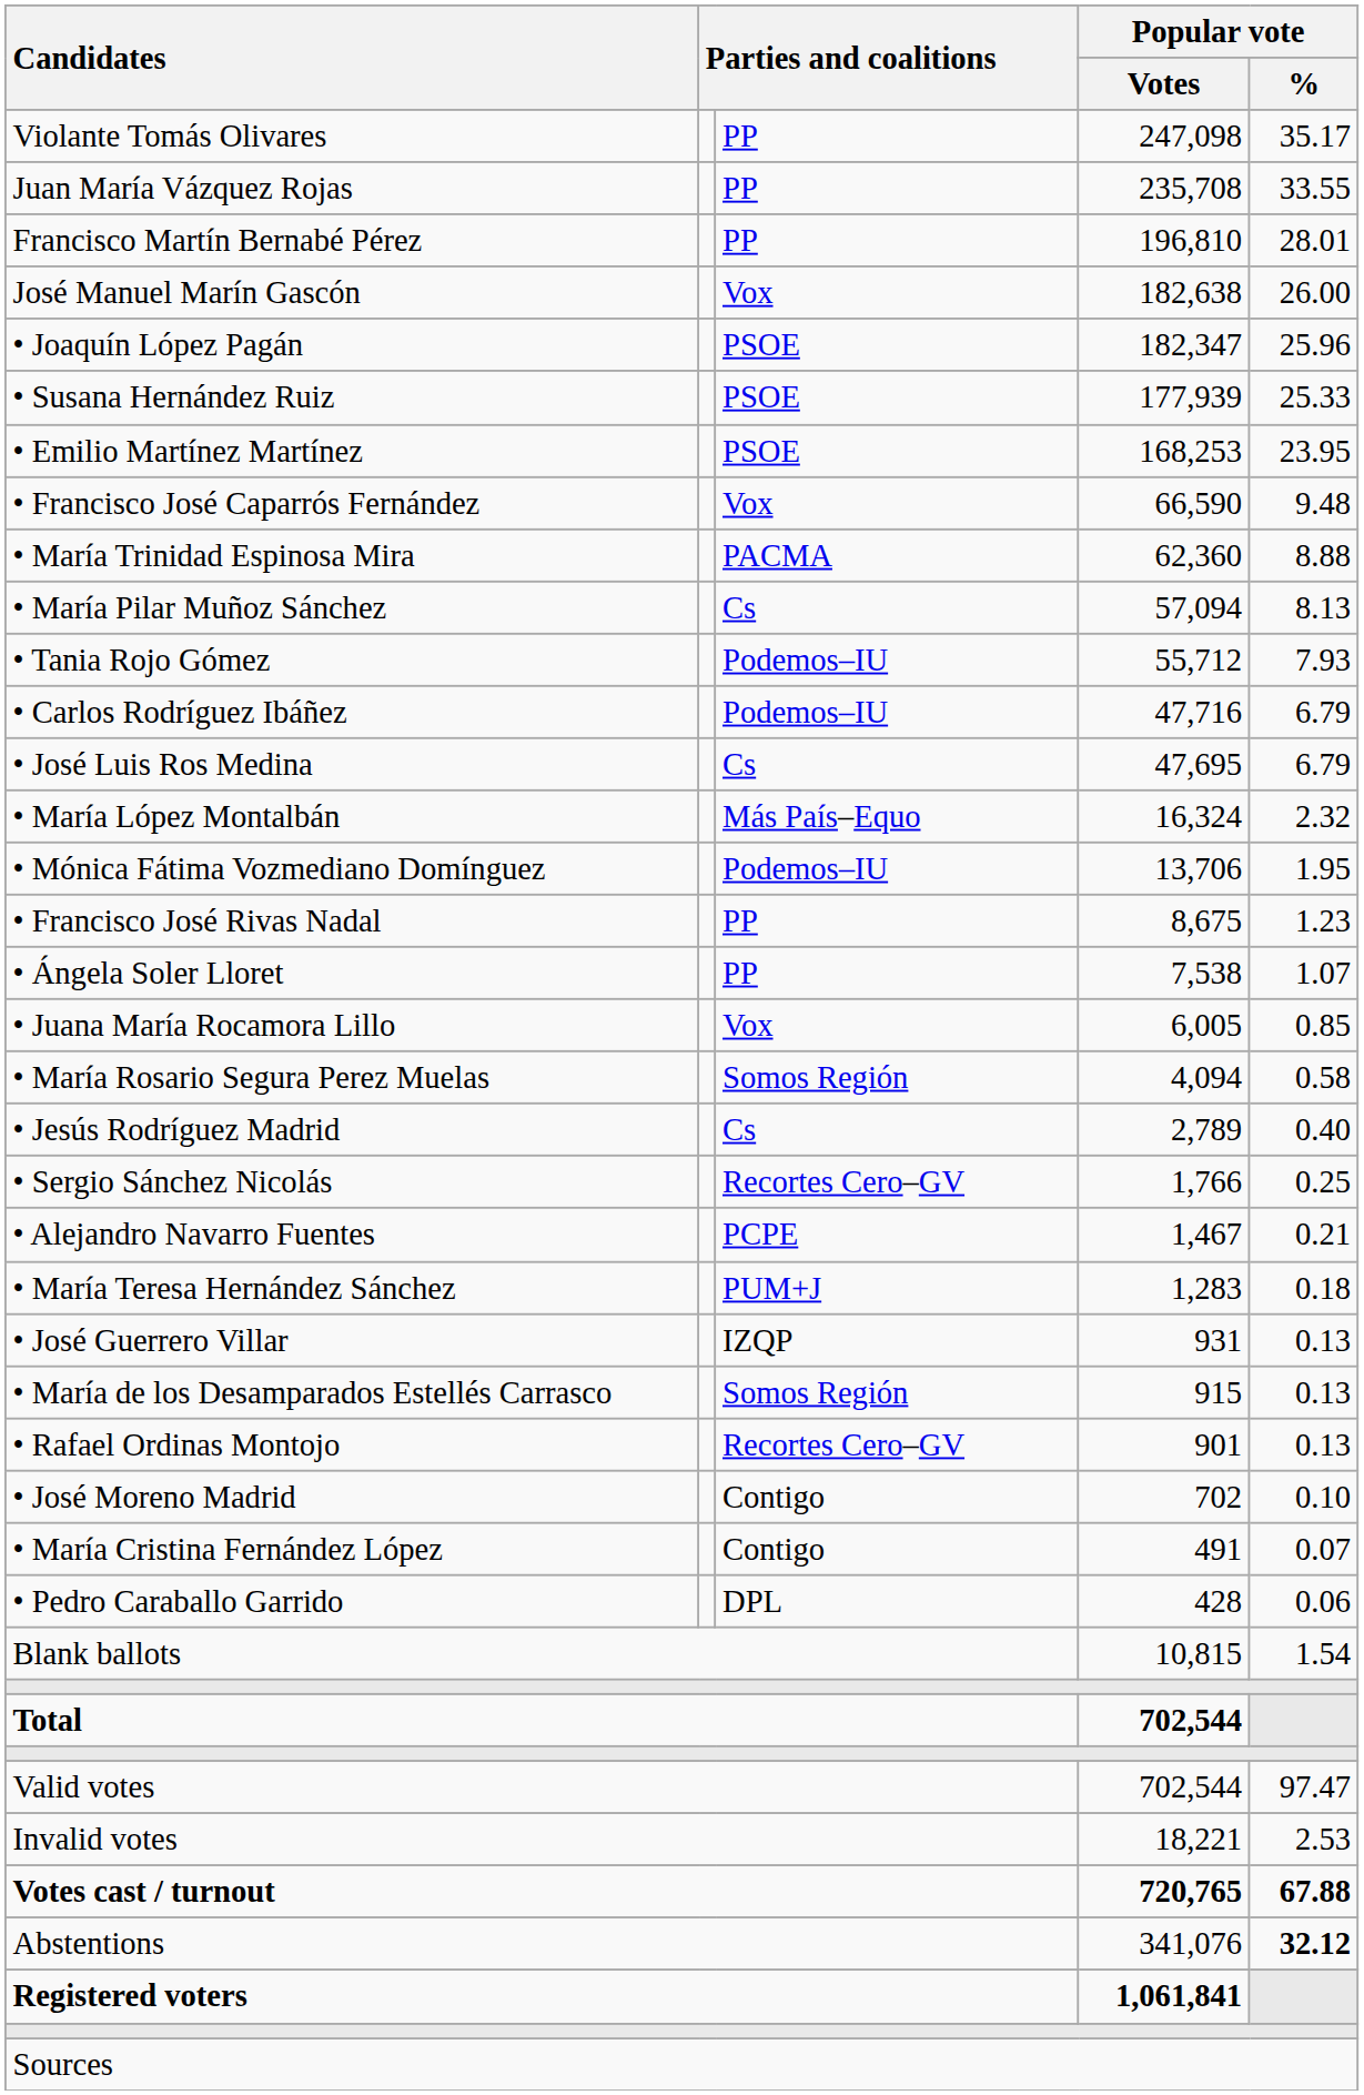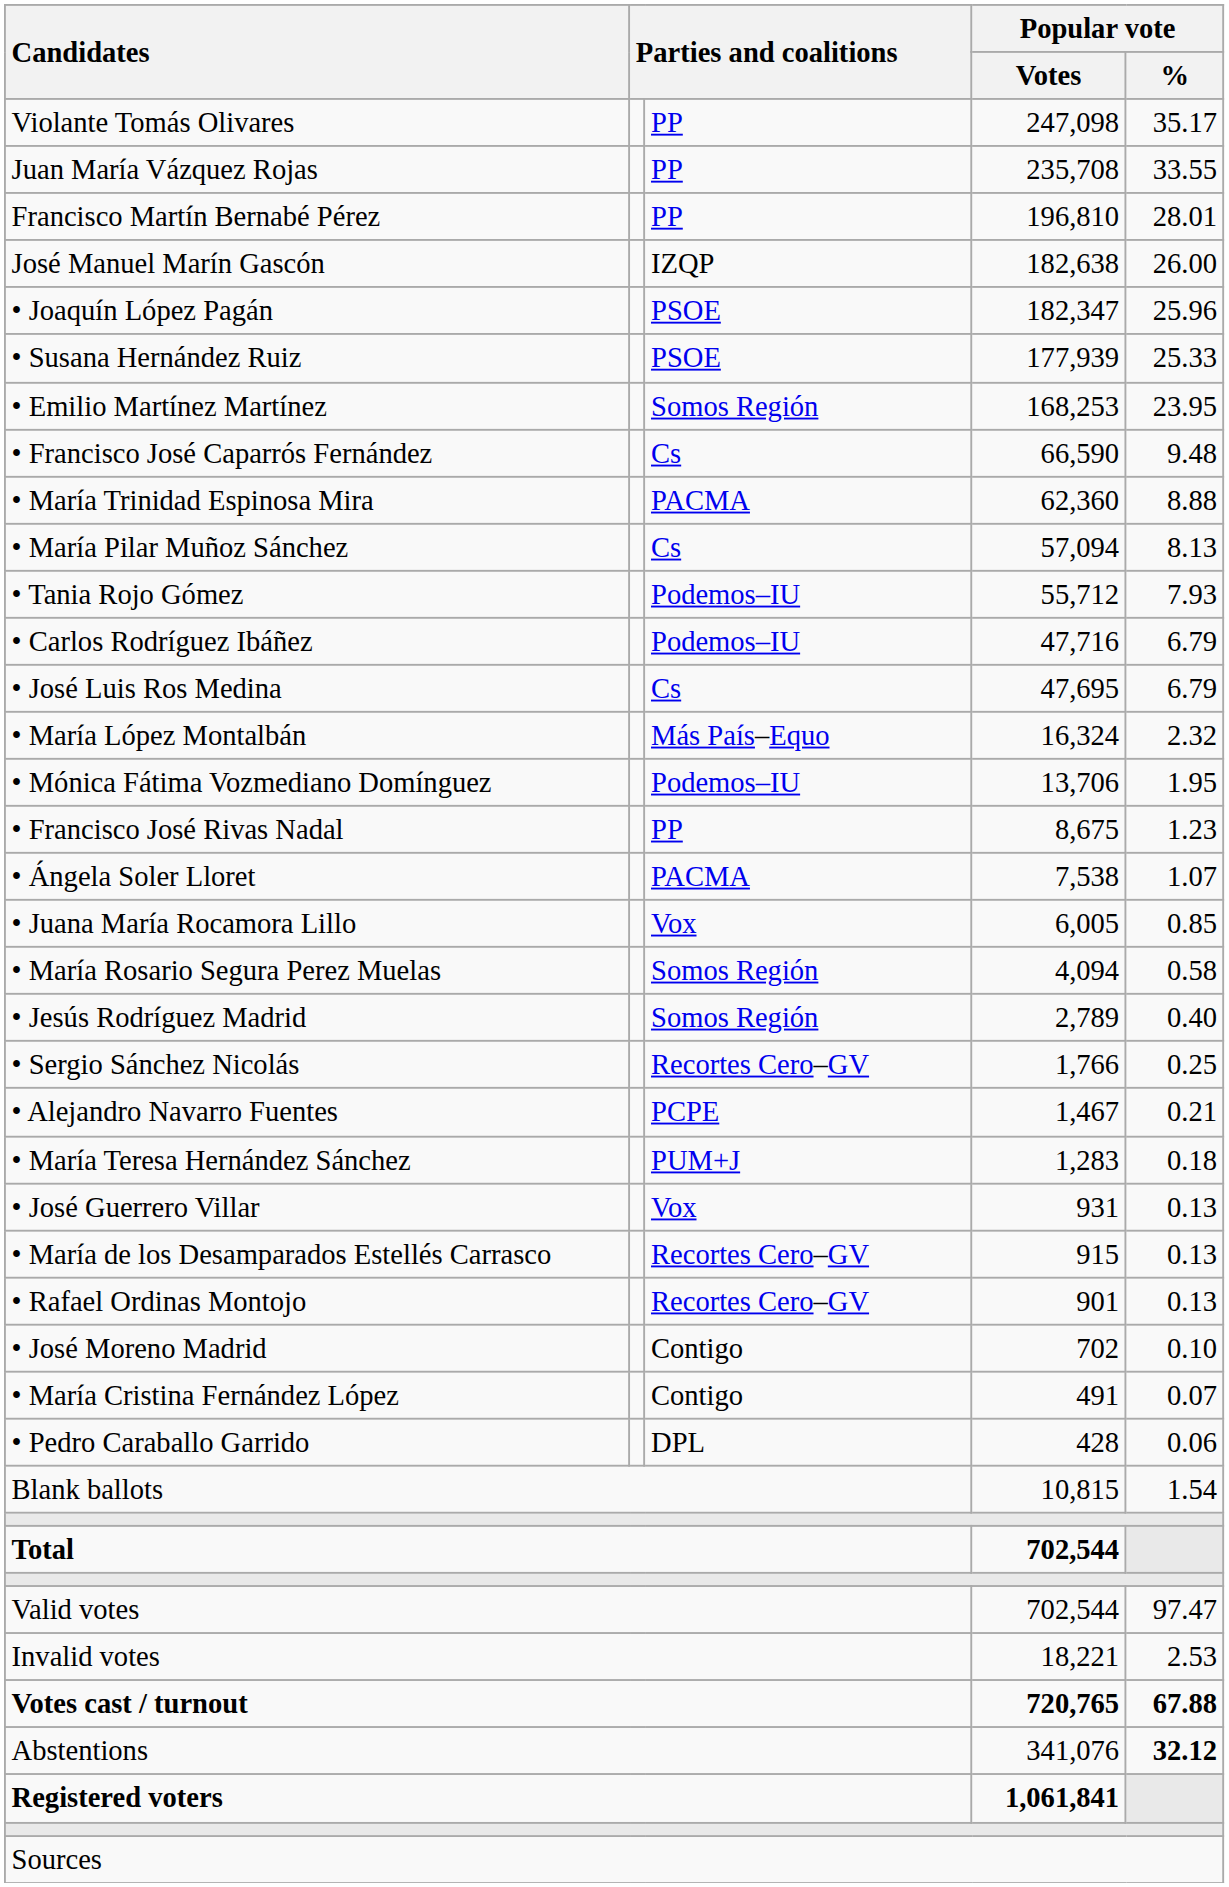 <table class="wikitable" style="text-align:right; font-size:95%;">
 <tr>
 <th style="text-align:left;" rowspan="2" width="325">Candidates</th>
 <th style="text-align:left;" rowspan="2" colspan="2" width="175">Parties and coalitions</th>
 <th colspan="2">Popular vote</th>
 </tr>
 <tr>
 <th width="75">Votes</th>
 <th width="45">%</th>
 </tr>
 <tr>
 <td align="left"> Violante Tomás Olivares</td>
 <td width="1" style="color:inherit;background:"></td>
 <td align="left"><a href='#'>PP</a></td>
 <td>247,098</td>
 <td>35.17</td>
 </tr>
 <tr>
 <td align="left"> Juan María Vázquez Rojas</td>
 <td style="color:inherit;background:"></td>
 <td align="left"><a href='#'>PP</a></td>
 <td>235,708</td>
 <td>33.55</td>
 </tr>
 <tr>
 <td align="left"> Francisco Martín Bernabé Pérez</td>
 <td style="color:inherit;background:"></td>
 <td align="left"><a href='#'>PP</a></td>
 <td>196,810</td>
 <td>28.01</td>
 </tr>
 <tr>
 <td align="left"> José Manuel Marín Gascón</td>
 <td style="color:inherit;background:"></td>
-<td align="left"><a href='#'>Vox</a></td>
+<td align="left">IZQP</td>
 <td>182,638</td>
 <td>26.00</td>
 </tr>
 <tr>
 <td align="left">• Joaquín López Pagán</td>
 <td style="color:inherit;background:"></td>
 <td align="left"><a href='#'>PSOE</a></td>
 <td>182,347</td>
 <td>25.96</td>
 </tr>
 <tr>
 <td align="left">• Susana Hernández Ruiz</td>
 <td style="color:inherit;background:"></td>
 <td align="left"><a href='#'>PSOE</a></td>
 <td>177,939</td>
 <td>25.33</td>
 </tr>
 <tr>
 <td align="left">• Emilio Martínez Martínez</td>
 <td style="color:inherit;background:"></td>
-<td align="left"><a href='#'>PSOE</a></td>
+<td align="left"><a href='#'>Somos Región</a></td>
 <td>168,253</td>
 <td>23.95</td>
 </tr>
 <tr>
 <td align="left">• Francisco José Caparrós Fernández</td>
 <td style="color:inherit;background:"></td>
-<td align="left"><a href='#'>Vox</a></td>
+<td align="left"><a href='#'>Cs</a></td>
 <td>66,590</td>
 <td>9.48</td>
 </tr>
 <tr>
 <td align="left">• María Trinidad Espinosa Mira</td>
 <td style="color:inherit;background:"></td>
 <td align="left"><a href='#'>PACMA</a></td>
 <td>62,360</td>
 <td>8.88</td>
 </tr>
 <tr>
 <td align="left">• María Pilar Muñoz Sánchez</td>
 <td style="color:inherit;background:"></td>
 <td align="left"><a href='#'>Cs</a></td>
 <td>57,094</td>
 <td>8.13</td>
 </tr>
 <tr>
 <td align="left">• Tania Rojo Gómez</td>
 <td style="color:inherit;background:"></td>
 <td align="left"><a href='#'>Podemos–IU</a></td>
 <td>55,712</td>
 <td>7.93</td>
 </tr>
 <tr>
 <td align="left">• Carlos Rodríguez Ibáñez</td>
 <td style="color:inherit;background:"></td>
 <td align="left"><a href='#'>Podemos–IU</a></td>
 <td>47,716</td>
 <td>6.79</td>
 </tr>
 <tr>
 <td align="left">• José Luis Ros Medina</td>
 <td style="color:inherit;background:"></td>
 <td align="left"><a href='#'>Cs</a></td>
 <td>47,695</td>
 <td>6.79</td>
 </tr>
 <tr>
 <td align="left">• María López Montalbán</td>
 <td style="color:inherit;background:"></td>
 <td align="left"><a href='#'>Más País</a>–<a href='#'>Equo</a></td>
 <td>16,324</td>
 <td>2.32</td>
 </tr>
 <tr>
 <td align="left">• Mónica Fátima Vozmediano Domínguez</td>
 <td style="color:inherit;background:"></td>
 <td align="left"><a href='#'>Podemos–IU</a></td>
 <td>13,706</td>
 <td>1.95</td>
 </tr>
 <tr>
 <td align="left">• Francisco José Rivas Nadal</td>
 <td style="color:inherit;background:"></td>
 <td align="left"><a href='#'>PP</a></td>
 <td>8,675</td>
 <td>1.23</td>
 </tr>
 <tr>
 <td align="left">• Ángela Soler Lloret</td>
 <td style="color:inherit;background:"></td>
-<td align="left"><a href='#'>PP</a></td>
+<td align="left"><a href='#'>PACMA</a></td>
 <td>7,538</td>
 <td>1.07</td>
 </tr>
 <tr>
 <td align="left">• Juana María Rocamora Lillo</td>
 <td style="color:inherit;background:"></td>
 <td align="left"><a href='#'>Vox</a></td>
 <td>6,005</td>
 <td>0.85</td>
 </tr>
 <tr>
 <td align="left">• María Rosario Segura Perez Muelas</td>
 <td style="color:inherit;background:"></td>
 <td align="left"><a href='#'>Somos Región</a></td>
 <td>4,094</td>
 <td>0.58</td>
 </tr>
 <tr>
 <td align="left">• Jesús Rodríguez Madrid</td>
 <td style="color:inherit;background:"></td>
-<td align="left"><a href='#'>Cs</a></td>
+<td align="left"><a href='#'>Somos Región</a></td>
 <td>2,789</td>
 <td>0.40</td>
 </tr>
 <tr>
 <td align="left">• Sergio Sánchez Nicolás</td>
 <td style="color:inherit;background:"></td>
 <td align="left"><a href='#'>Recortes Cero</a>–<a href='#'>GV</a></td>
 <td>1,766</td>
 <td>0.25</td>
 </tr>
 <tr>
 <td align="left">• Alejandro Navarro Fuentes</td>
 <td style="color:inherit;background:"></td>
 <td align="left"><a href='#'>PCPE</a></td>
 <td>1,467</td>
 <td>0.21</td>
 </tr>
 <tr>
 <td align="left">• María Teresa Hernández Sánchez</td>
 <td style="color:inherit;background:"></td>
 <td align="left"><a href='#'>PUM+J</a></td>
 <td>1,283</td>
 <td>0.18</td>
 </tr>
 <tr>
 <td align="left">• José Guerrero Villar</td>
 <td style="color:inherit;background:"></td>
-<td align="left">IZQP</td>
+<td align="left"><a href='#'>Vox</a></td>
 <td>931</td>
 <td>0.13</td>
 </tr>
 <tr>
 <td align="left">• María de los Desamparados Estellés Carrasco</td>
 <td style="color:inherit;background:"></td>
-<td align="left"><a href='#'>Somos Región</a></td>
+<td align="left"><a href='#'>Recortes Cero</a>–<a href='#'>GV</a></td>
 <td>915</td>
 <td>0.13</td>
 </tr>
 <tr>
 <td align="left">• Rafael Ordinas Montojo</td>
 <td style="color:inherit;background:"></td>
 <td align="left"><a href='#'>Recortes Cero</a>–<a href='#'>GV</a></td>
 <td>901</td>
 <td>0.13</td>
 </tr>
 <tr>
 <td align="left">• José Moreno Madrid</td>
 <td style="color:inherit;background:"></td>
 <td align="left">Contigo</td>
 <td>702</td>
 <td>0.10</td>
 </tr>
 <tr>
 <td align="left">• María Cristina Fernández López</td>
 <td style="color:inherit;background:"></td>
 <td align="left">Contigo</td>
 <td>491</td>
 <td>0.07</td>
 </tr>
 <tr>
 <td align="left">• Pedro Caraballo Garrido</td>
 <td style="color:inherit;background:"></td>
 <td align="left">DPL</td>
 <td>428</td>
 <td>0.06</td>
 </tr>
 <tr>
 <td align="left" colspan="3">Blank ballots</td>
 <td>10,815</td>
 <td>1.54</td>
 </tr>
 <tr>
 <td colspan="5" bgcolor="#E9E9E9"></td>
 </tr>
 <tr style="font-weight:bold;">
 <td align="left" colspan="3">Total</td>
 <td>702,544</td>
 <td bgcolor="#E9E9E9"></td>
 </tr>
 <tr>
 <td colspan="5" bgcolor="#E9E9E9"></td>
 </tr>
 <tr>
 <td align="left" colspan="3">Valid votes</td>
 <td>702,544</td>
 <td>97.47</td>
 </tr>
 <tr>
 <td align="left" colspan="3">Invalid votes</td>
 <td>18,221</td>
 <td>2.53</td>
 </tr>
 <tr style="font-weight:bold;">
 <td align="left" colspan="3">Votes cast / turnout</td>
 <td>720,765</td>
 <td>67.88</td>
 </tr>
 <tr>
 <td align="left" colspan="3">Abstentions</td>
 <td>341,076</td>
 <td><strong>32.12</strong></td>
 </tr>
 <tr style="font-weight:bold;">
 <td align="left" colspan="3">Registered voters</td>
 <td>1,061,841</td>
 <td bgcolor="#E9E9E9"></td>
 </tr>
 <tr>
 <td colspan="5" bgcolor="#E9E9E9"></td>
 </tr>
 <tr>
 <td align="left" colspan="5">Sources</td>
 </tr>
 </table>
